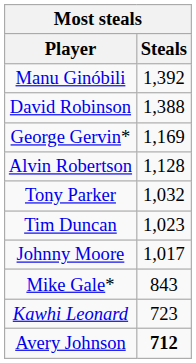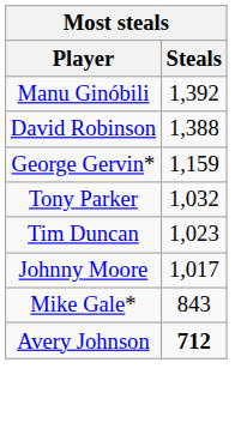 <table class="wikitable sortable" style="text-align:center">
 <tr>
 <th colspan="2">Most steals</th>
 </tr>
 <tr>
 <th>Player</th>
 <th>Steals</th>
 </tr>
 <tr>
 <td><a href='#'>Manu Ginóbili</a></td>
 <td>1,392</td>
 </tr>
 <tr>
 <td><a href='#'>David Robinson</a></td>
 <td>1,388</td>
 </tr>
 <tr>
 <td><a href='#'>George Gervin</a>*</td>
-<td>1,169</td>
-</tr>
-<tr>
-<td><a href='#'>Alvin Robertson</a></td>
-<td>1,128</td>
+<td>1,159</td>
 </tr>
 <tr>
 <td><a href='#'>Tony Parker</a></td>
 <td>1,032</td>
 </tr>
 <tr>
 <td><a href='#'>Tim Duncan</a></td>
 <td>1,023</td>
 </tr>
 <tr>
 <td><a href='#'>Johnny Moore</a></td>
 <td>1,017</td>
 </tr>
 <tr>
 <td><a href='#'>Mike Gale</a>*</td>
 <td>843</td>
 </tr>
 <tr>
-<td><em><a href='#'>Kawhi Leonard</a></em></td>
-<td>723</td>
-</tr>
-<tr>
 <td><a href='#'>Avery Johnson</a></td>
 <td><strong>712</strong></td>
 </tr>
 </table>
